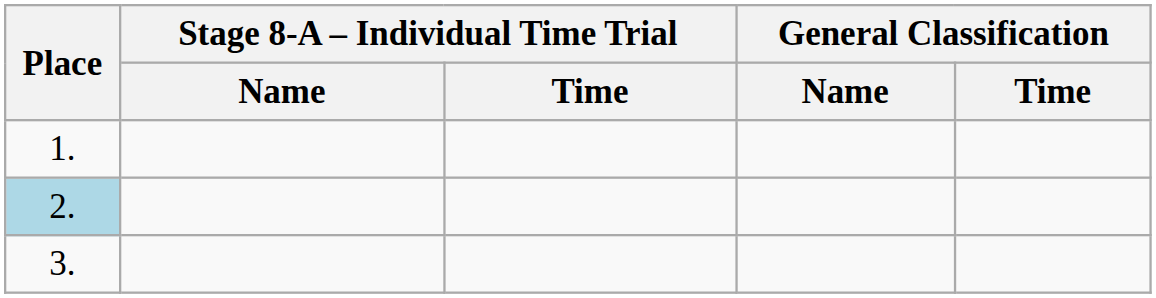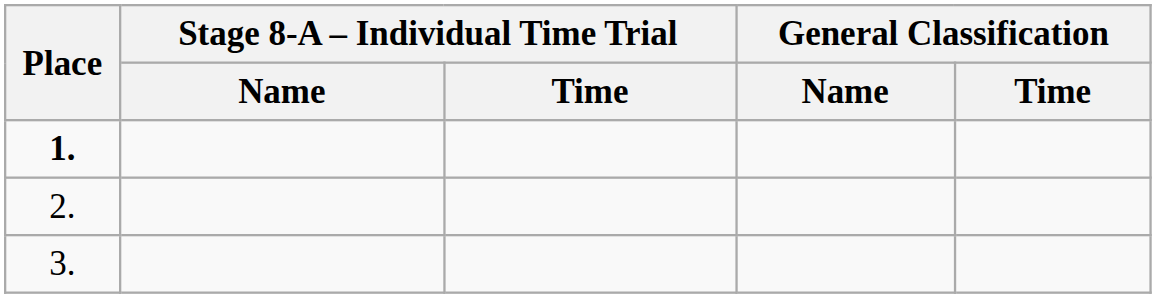 <table class=wikitable style="font-size:95%" width="80%">
 <tr>
 <th rowspan="2">Place</th>
 <th colspan="2">Stage 8-A – Individual Time Trial</th>
 <th colspan="2">General Classification</th>
 </tr>
 <tr>
 <th>Name</th>
 <th>Time</th>
 <th>Name</th>
 <th>Time</th>
 </tr>
 <tr>
-<td align="center">1.</td>
+<td align="center"><strong>1.</strong></td>
 <td></td>
 <td></td>
 <td></td>
 <td></td>
 </tr>
 <tr>
-<td align="center" style="background: lightblue;">2.</td>
+<td align="center">2.</td>
 <td></td>
 <td></td>
 <td></td>
 <td></td>
 </tr>
 <tr>
 <td align="center">3.</td>
 <td></td>
 <td></td>
 <td></td>
 <td></td>
 </tr>
 </table>
